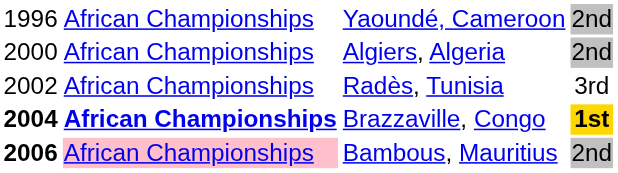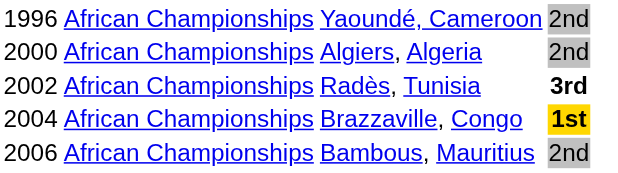 <table>
 <tr>
 <td>1996</td>
 <td><a href='#'>African Championships</a></td>
 <td><a href='#'>Yaoundé, Cameroon</a></td>
 <td style="background:silver; text-align:center;">2nd</td>
 <td></td>
 </tr>
 <tr>
 <td>2000</td>
 <td><a href='#'>African Championships</a></td>
 <td><a href='#'>Algiers</a>, <a href='#'>Algeria</a></td>
 <td style="background:silver; text-align:center;">2nd</td>
 <td></td>
 </tr>
 <tr>
 <td>2002</td>
 <td><a href='#'>African Championships</a></td>
 <td><a href='#'>Radès</a>, <a href='#'>Tunisia</a></td>
-<td style="background:cc9966; text-align:center;">3rd</td>
+<td style="background:cc9966; text-align:center;"><strong>3rd</strong></td>
 <td></td>
 </tr>
 <tr>
-<td><strong>2004</strong></td>
-<td><strong><a href='#'>African Championships</a></strong></td>
+<td>2004</td>
+<td><a href='#'>African Championships</a></td>
 <td><a href='#'>Brazzaville</a>, <a href='#'>Congo</a></td>
 <td style="background:gold; text-align:center;"><strong>1st</strong></td>
 <td></td>
 </tr>
 <tr>
-<td><strong>2006</strong></td>
-<td style="background: pink;"><a href='#'>African Championships</a></td>
+<td>2006</td>
+<td><a href='#'>African Championships</a></td>
 <td><a href='#'>Bambous</a>, <a href='#'>Mauritius</a></td>
 <td style="background:silver; text-align:center;">2nd</td>
 <td></td>
 </tr>
 </table>
